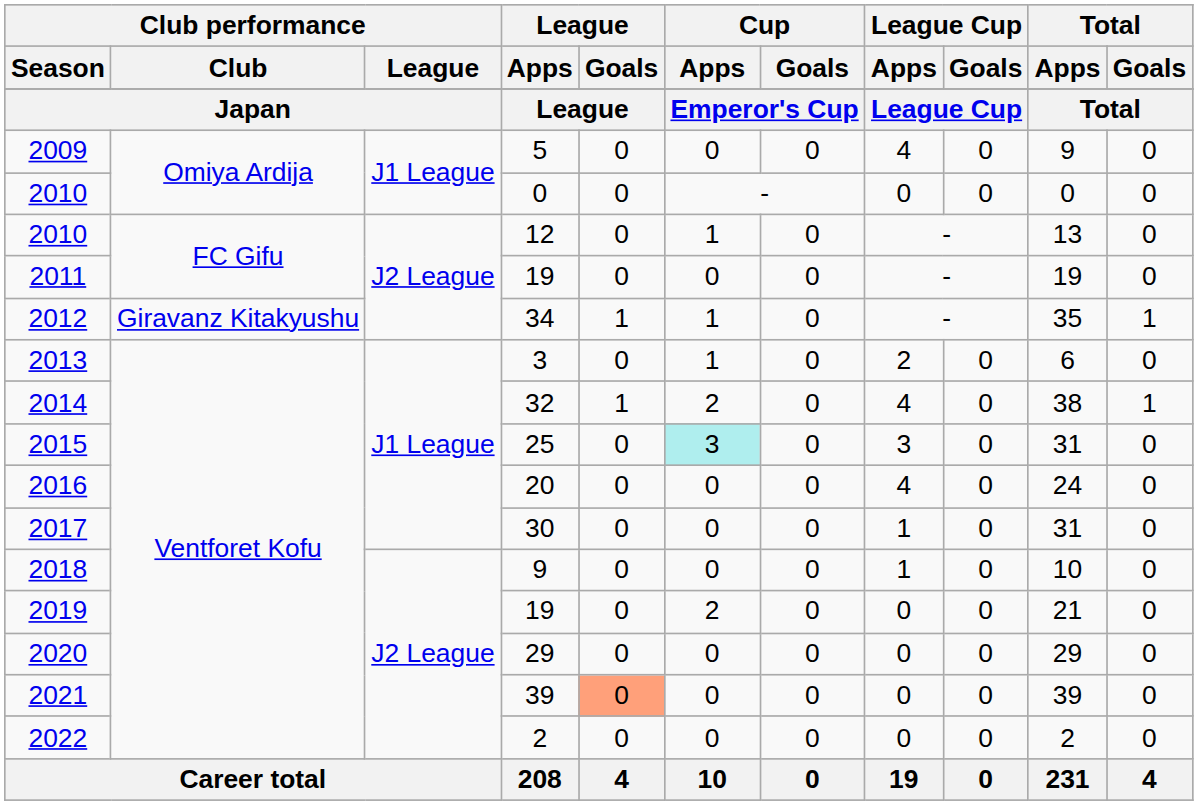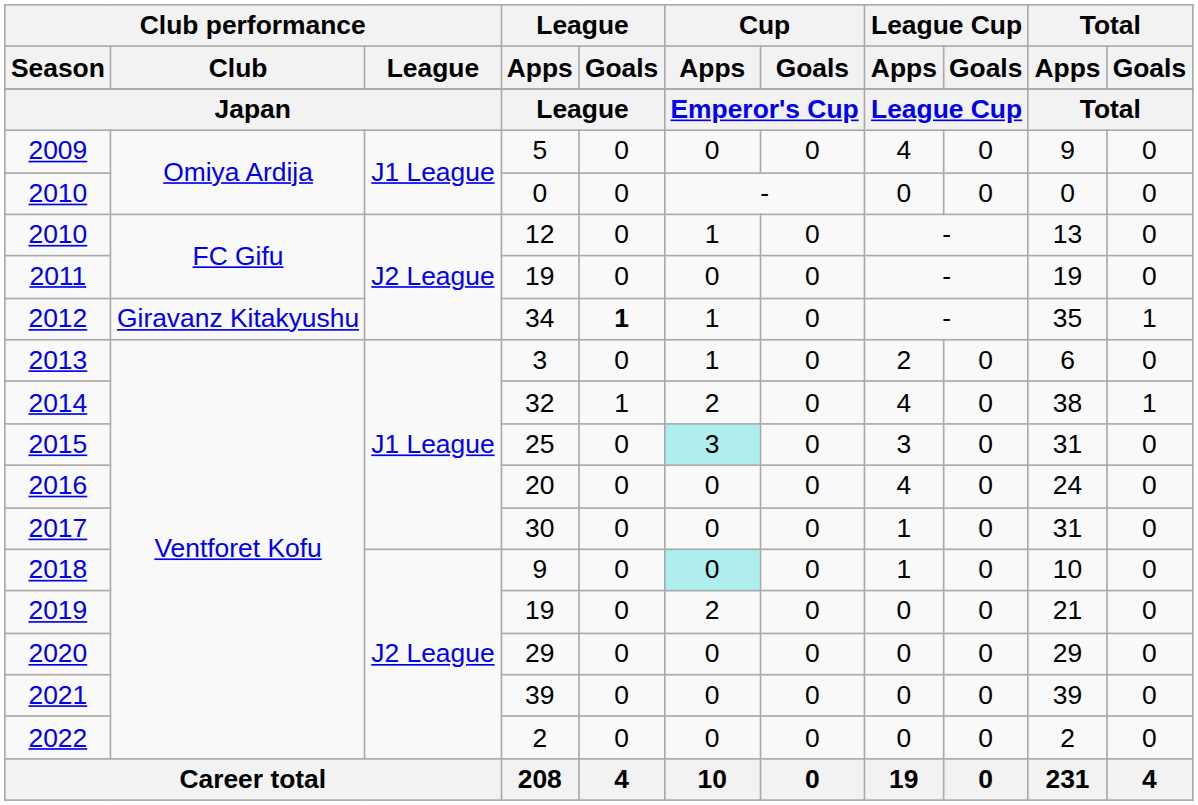 <table class="wikitable" style="text-align:center">
 <tr>
 <th colspan=3>Club performance</th>
 <th colspan=2>League</th>
 <th colspan=2>Cup</th>
 <th colspan=2>League Cup</th>
 <th colspan=2>Total</th>
 </tr>
 <tr>
 <th>Season</th>
 <th>Club</th>
 <th>League</th>
 <th>Apps</th>
 <th>Goals</th>
 <th>Apps</th>
 <th>Goals</th>
 <th>Apps</th>
 <th>Goals</th>
 <th>Apps</th>
 <th>Goals</th>
 </tr>
 <tr>
 </tr>
 <tr>
 <th colspan=3>Japan</th>
 <th colspan=2>League</th>
 <th colspan=2><a href='#'>Emperor's Cup</a></th>
 <th colspan=2><a href='#'>League Cup</a></th>
 <th colspan=2>Total</th>
 </tr>
 <tr>
 <td><a href='#'>2009</a></td>
 <td rowspan="2"><a href='#'>Omiya Ardija</a></td>
 <td rowspan="2"><a href='#'>J1 League</a></td>
 <td>5</td>
 <td>0</td>
 <td>0</td>
 <td>0</td>
 <td>4</td>
 <td>0</td>
 <td>9</td>
 <td>0</td>
 </tr>
 <tr>
 <td><a href='#'>2010</a></td>
 <td>0</td>
 <td>0</td>
 <td colspan="2">-</td>
 <td>0</td>
 <td>0</td>
 <td>0</td>
 <td>0</td>
 </tr>
 <tr>
 <td><a href='#'>2010</a></td>
 <td rowspan="2"><a href='#'>FC Gifu</a></td>
 <td rowspan="3"><a href='#'>J2 League</a></td>
 <td>12</td>
 <td>0</td>
 <td>1</td>
 <td>0</td>
 <td colspan="2">-</td>
 <td>13</td>
 <td>0</td>
 </tr>
 <tr>
 <td><a href='#'>2011</a></td>
 <td>19</td>
 <td>0</td>
 <td>0</td>
 <td>0</td>
 <td colspan="2">-</td>
 <td>19</td>
 <td>0</td>
 </tr>
 <tr>
 <td><a href='#'>2012</a></td>
 <td><a href='#'>Giravanz Kitakyushu</a></td>
 <td>34</td>
-<td>1</td>
+<td><strong>1</strong></td>
 <td>1</td>
 <td>0</td>
 <td colspan="2">-</td>
 <td>35</td>
 <td>1</td>
 </tr>
 <tr>
 <td><a href='#'>2013</a></td>
 <td rowspan="10"><a href='#'>Ventforet Kofu</a></td>
 <td rowspan="5"><a href='#'>J1 League</a></td>
 <td>3</td>
 <td>0</td>
 <td>1</td>
 <td>0</td>
 <td>2</td>
 <td>0</td>
 <td>6</td>
 <td>0</td>
 </tr>
 <tr>
 <td><a href='#'>2014</a></td>
 <td>32</td>
 <td>1</td>
 <td>2</td>
 <td>0</td>
 <td>4</td>
 <td>0</td>
 <td>38</td>
 <td>1</td>
 </tr>
 <tr>
 <td><a href='#'>2015</a></td>
 <td>25</td>
 <td>0</td>
 <td style="background: paleturquoise;">3</td>
 <td>0</td>
 <td>3</td>
 <td>0</td>
 <td>31</td>
 <td>0</td>
 </tr>
 <tr>
 <td><a href='#'>2016</a></td>
 <td>20</td>
 <td>0</td>
 <td>0</td>
 <td>0</td>
 <td>4</td>
 <td>0</td>
 <td>24</td>
 <td>0</td>
 </tr>
 <tr>
 <td><a href='#'>2017</a></td>
 <td>30</td>
 <td>0</td>
 <td>0</td>
 <td>0</td>
 <td>1</td>
 <td>0</td>
 <td>31</td>
 <td>0</td>
 </tr>
 <tr>
 <td><a href='#'>2018</a></td>
 <td rowspan=5><a href='#'>J2 League</a></td>
 <td>9</td>
 <td>0</td>
-<td>0</td>
+<td style="background: paleturquoise;">0</td>
 <td>0</td>
 <td>1</td>
 <td>0</td>
 <td>10</td>
 <td>0</td>
 </tr>
 <tr>
 <td><a href='#'>2019</a></td>
 <td>19</td>
 <td>0</td>
 <td>2</td>
 <td>0</td>
 <td>0</td>
 <td>0</td>
 <td>21</td>
 <td>0</td>
 </tr>
 <tr>
 <td><a href='#'>2020</a></td>
 <td>29</td>
 <td>0</td>
 <td>0</td>
 <td>0</td>
 <td>0</td>
 <td>0</td>
 <td>29</td>
 <td>0</td>
 </tr>
 <tr>
 <td><a href='#'>2021</a></td>
 <td>39</td>
-<td style="background: lightsalmon;">0</td>
+<td>0</td>
 <td>0</td>
 <td>0</td>
 <td>0</td>
 <td>0</td>
 <td>39</td>
 <td>0</td>
 </tr>
 <tr>
 <td><a href='#'>2022</a></td>
 <td>2</td>
 <td>0</td>
 <td>0</td>
 <td>0</td>
 <td>0</td>
 <td>0</td>
 <td>2</td>
 <td>0</td>
 </tr>
 <tr>
 <th colspan=3>Career total</th>
 <th>208</th>
 <th>4</th>
 <th>10</th>
 <th>0</th>
 <th>19</th>
 <th>0</th>
 <th>231</th>
 <th>4</th>
 </tr>
 </table>
